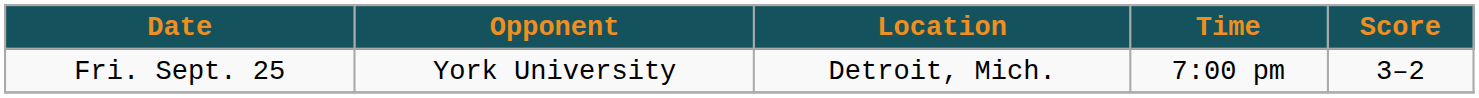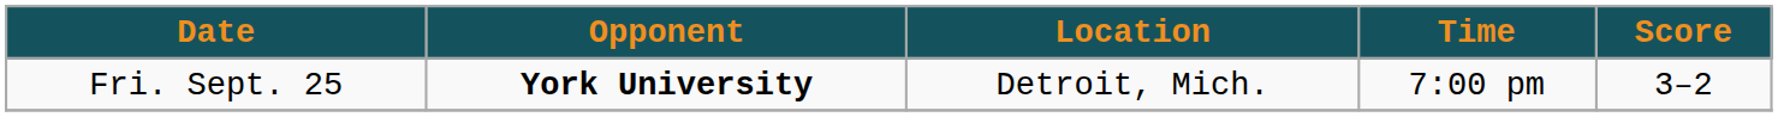 <table class="wikitable" width="80%">
 <tr align="center"  style=" background:#14535D; color:#EF8F1F;">
 <td><strong>Date</strong></td>
 <td><strong>Opponent</strong></td>
 <td><strong>Location</strong></td>
 <td><strong>Time</strong></td>
 <td><strong>Score</strong></td>
 </tr>
 <tr align="center" bgcolor="">
 <td>Fri. Sept. 25</td>
-<td>York University</td>
+<td><strong>York University</strong></td>
 <td>Detroit, Mich.</td>
 <td>7:00 pm</td>
 <td>3–2</td>
 </tr>
 <tr align="center" bgcolor="">
 </tr>
 </table>
